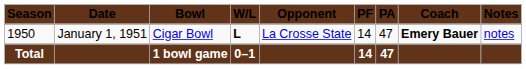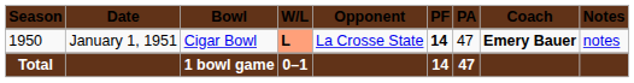 <table class="wikitable">
 <tr style="background: #613318" align=center>
 <td><span><strong>Season</strong></span></td>
 <td><span><strong>Date</strong></span></td>
 <td><span><strong>Bowl</strong></span></td>
 <td><span><strong>W/L</strong></span></td>
 <td><span><strong>Opponent</strong></span></td>
 <td><span><strong>PF</strong></span></td>
 <td><span><strong>PA</strong></span></td>
 <td><span><strong>Coach</strong></span></td>
 <td><span><strong>Notes</strong></span></td>
 </tr>
 <tr align=center>
 </tr>
 <tr>
 <td>1950</td>
 <td>January 1, 1951</td>
 <td><a href='#'>Cigar Bowl</a></td>
-<td><strong>L</strong></td>
+<td style="background: lightsalmon;"><strong>L</strong></td>
 <td><a href='#'>La Crosse State</a></td>
-<td>14</td>
+<td><strong>14</strong></td>
 <td>47</td>
 <td><strong>Emery Bauer</strong></td>
 <td><a href='#'>notes</a></td>
 </tr>
 <tr>
 </tr>
 <tr align=center>
 </tr>
 <tr style="background: #613318;color: white" align=center>
 <td><strong>Total</strong></td>
 <td></td>
 <td><strong>1 bowl game</strong></td>
 <td><strong>0–1</strong></td>
 <td></td>
 <td><strong>14</strong></td>
 <td><strong>47</strong></td>
 <td></td>
 <td></td>
 </tr>
 </table>
